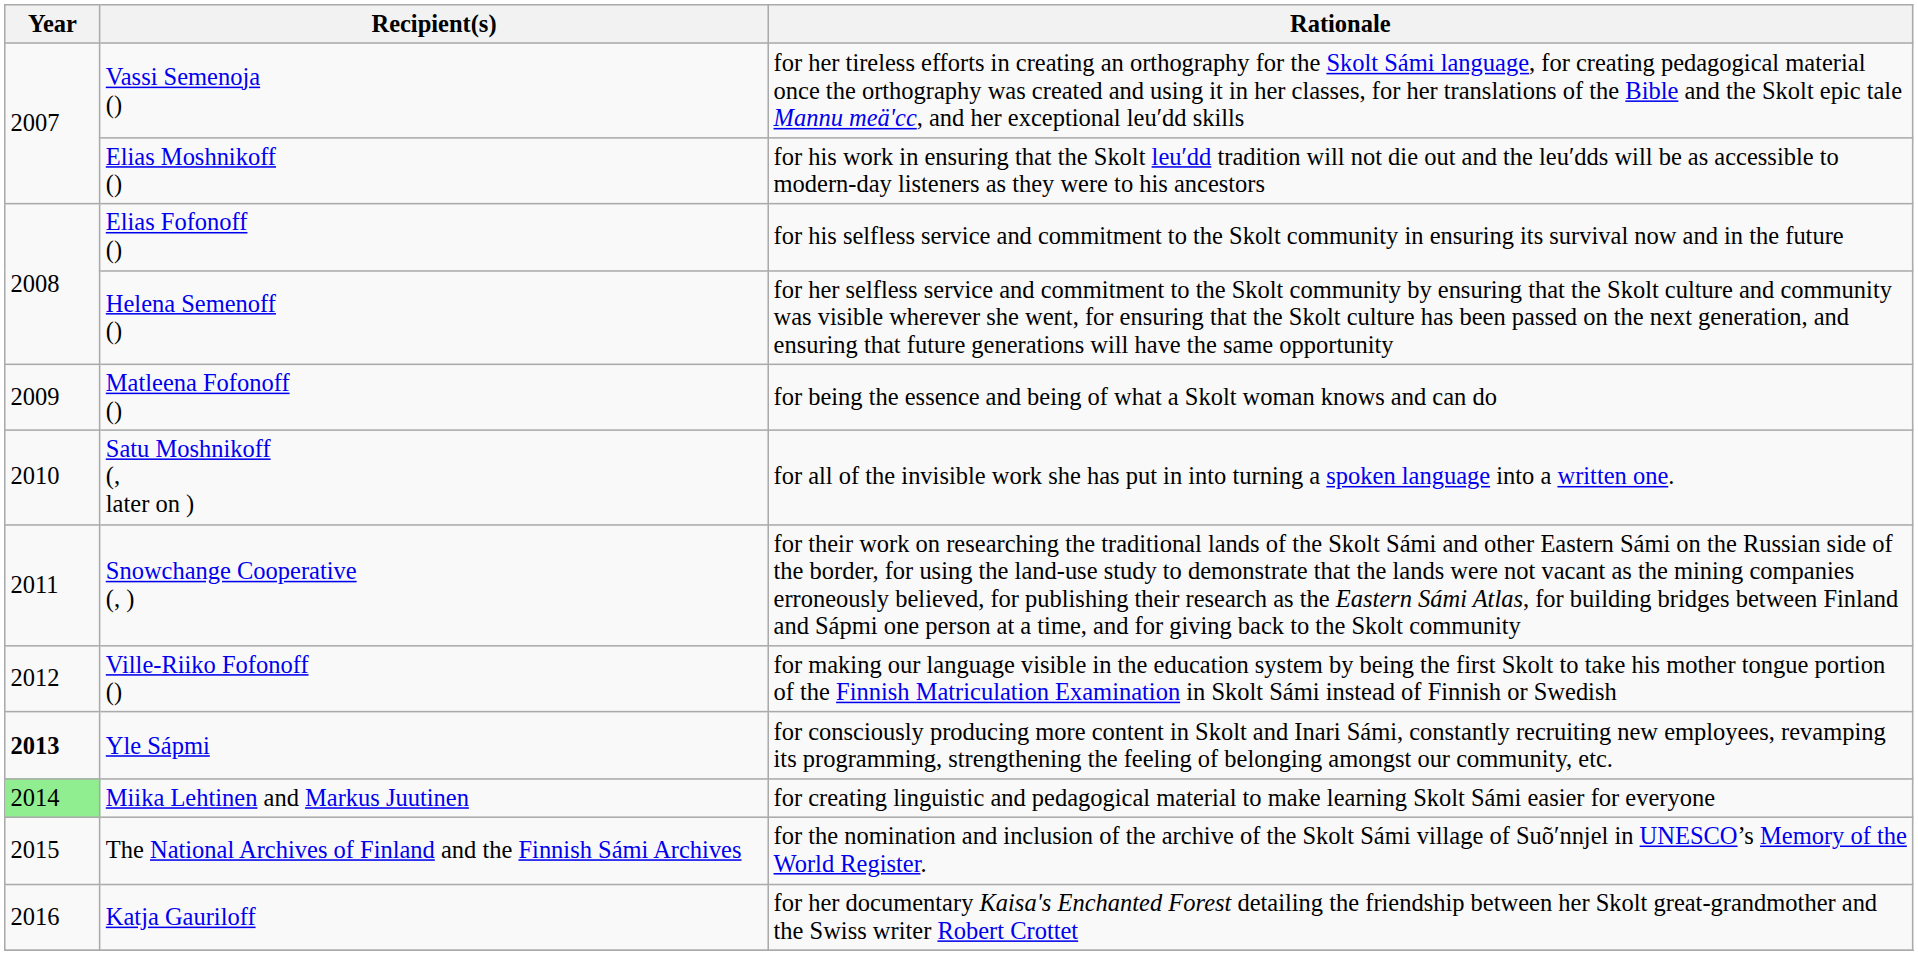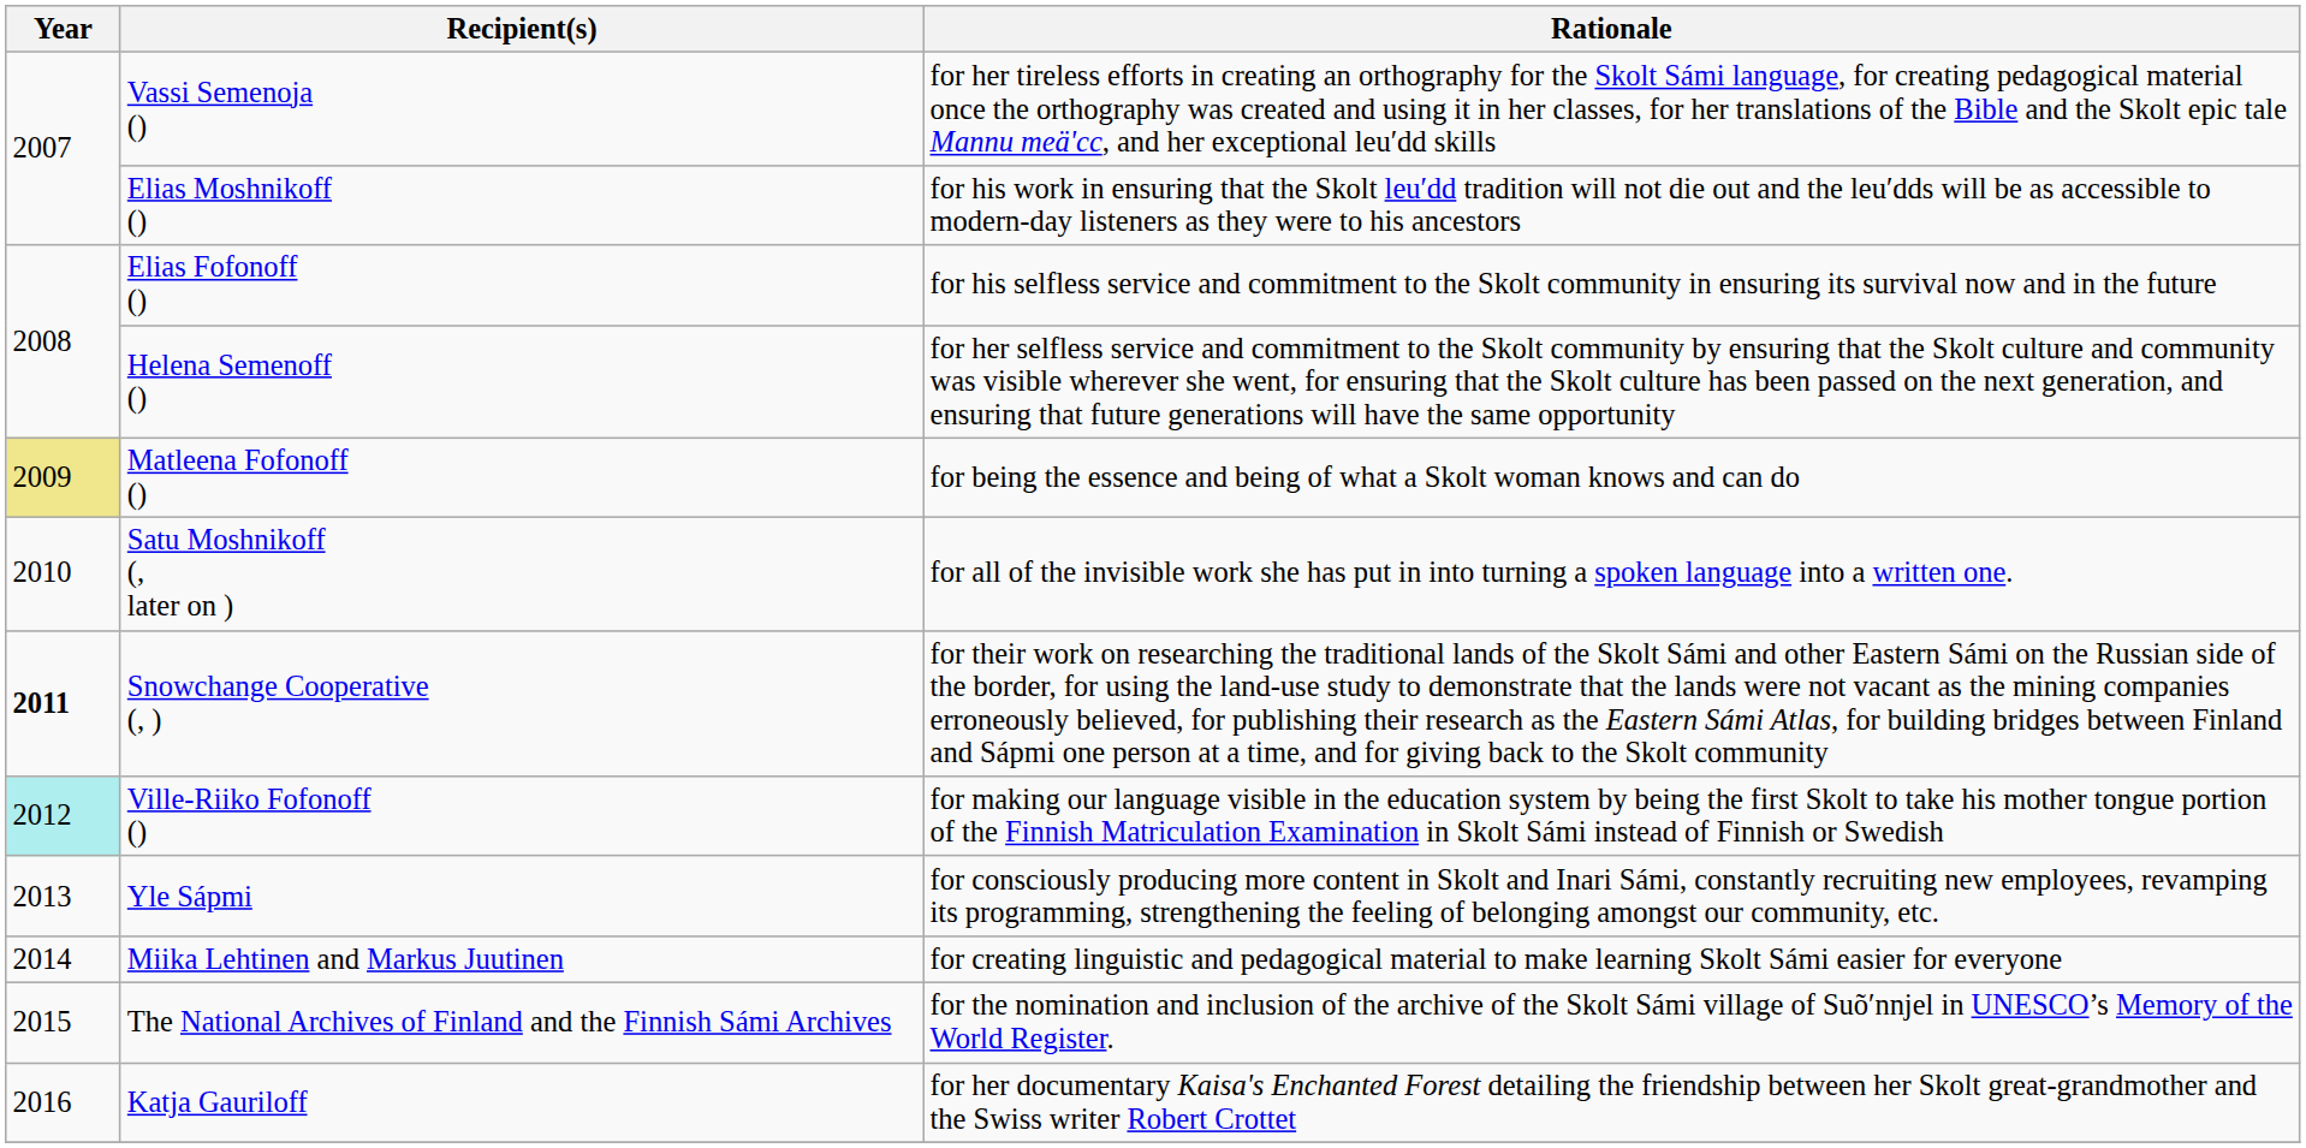 <table align="center" class="wikitable sortable">
 <tr>
 <th width="5%">Year</th>
 <th width="35%">Recipient(s)</th>
 <th width="60%">Rationale</th>
 </tr>
 <tr>
 <td rowspan="2">2007</td>
 <td><a href='#'>Vassi Semenoja</a> <br>()</td>
 <td>for her tireless efforts in creating an orthography for the <a href='#'>Skolt Sámi language</a>, for creating pedagogical material once the orthography was created and using it in her classes, for her translations of the <a href='#'>Bible</a> and the Skolt epic tale <em><a href='#'>Mannu meäʹcc</a></em>, and her exceptional leuʹdd skills</td>
 </tr>
 <tr>
 <td><a href='#'>Elias Moshnikoff</a> <br> ()</td>
 <td>for his work in ensuring that the Skolt <a href='#'>leuʹdd</a> tradition will not die out and the leuʹdds will be as accessible to modern-day listeners as they were to his ancestors</td>
 </tr>
 <tr>
 <td rowspan="2">2008</td>
 <td><a href='#'>Elias Fofonoff</a><br> ()</td>
 <td>for his selfless service and commitment to the Skolt community in ensuring its survival now and in the future</td>
 </tr>
 <tr>
 <td><a href='#'>Helena Semenoff</a><br> ()</td>
 <td>for her selfless service and commitment to the Skolt community by ensuring that the Skolt culture and community was visible wherever she went, for ensuring that the Skolt culture has been passed on the next generation, and ensuring that future generations will have the same opportunity</td>
 </tr>
 <tr>
-<td>2009</td>
+<td style="background: khaki;">2009</td>
 <td><a href='#'>Matleena Fofonoff</a><br> ()</td>
 <td>for being the essence and being of what a Skolt woman knows and can do</td>
 </tr>
 <tr>
 <td>2010</td>
 <td><a href='#'>Satu Moshnikoff</a> <br> (,  <br>later on )</td>
 <td>for all of the invisible work she has put in into turning a <a href='#'>spoken language</a> into a <a href='#'>written one</a>.</td>
 </tr>
 <tr>
-<td>2011</td>
+<td><strong>2011</strong></td>
 <td><a href='#'>Snowchange Cooperative</a> <br> (, )</td>
 <td>for their work on researching the traditional lands of the Skolt Sámi and other Eastern Sámi on the Russian side of the border, for using the land-use study to demonstrate that the lands were not vacant as the mining companies erroneously believed, for publishing their research as the <em>Eastern Sámi Atlas</em>, for building bridges between Finland and Sápmi one person at a time, and for giving back to the Skolt community</td>
 </tr>
 <tr>
-<td>2012</td>
+<td style="background: paleturquoise;">2012</td>
 <td><a href='#'>Ville-Riiko Fofonoff</a> <br>()</td>
 <td>for making our language visible in the education system by being the first Skolt to take his mother tongue portion of the <a href='#'>Finnish Matriculation Examination</a> in Skolt Sámi instead of Finnish or Swedish</td>
 </tr>
 <tr>
-<td><strong>2013</strong></td>
+<td>2013</td>
 <td><a href='#'>Yle Sápmi</a></td>
 <td>for consciously producing more content in Skolt and Inari Sámi, constantly recruiting new employees, revamping its programming, strengthening the feeling of belonging amongst our community, etc.</td>
 </tr>
 <tr>
-<td style="background: lightgreen;">2014</td>
+<td>2014</td>
 <td><a href='#'>Miika Lehtinen</a> and <a href='#'>Markus Juutinen</a></td>
 <td>for creating linguistic and pedagogical material to make learning Skolt Sámi easier for everyone</td>
 </tr>
 <tr>
 <td>2015</td>
 <td>The <a href='#'>National Archives of Finland</a> and the <a href='#'>Finnish Sámi Archives</a></td>
 <td>for the nomination and inclusion of the archive of the Skolt Sámi village of Suõʹnnjel in <a href='#'>UNESCO</a>’s <a href='#'>Memory of the World Register</a>.</td>
 </tr>
 <tr>
 <td>2016</td>
 <td><a href='#'>Katja Gauriloff</a></td>
 <td>for her documentary <em>Kaisa's Enchanted Forest</em> detailing the friendship between her Skolt great-grandmother and the Swiss writer <a href='#'>Robert Crottet</a></td>
 </tr>
 <tr>
 </tr>
 </table>
